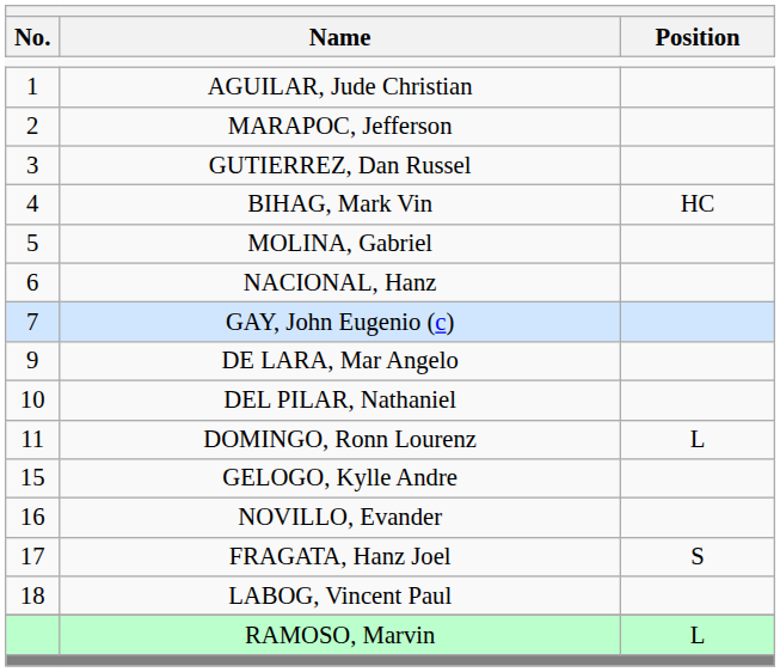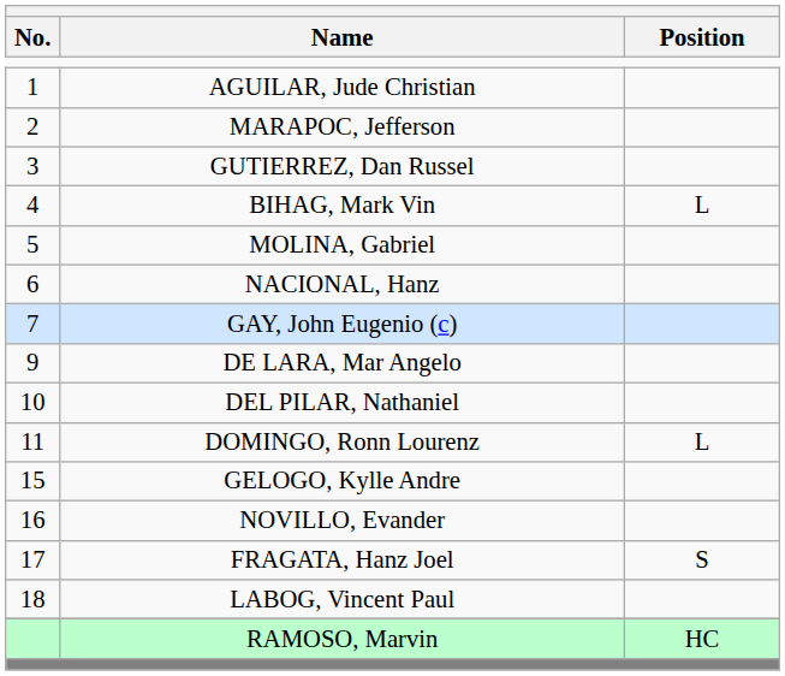 <table class='wikitable mw-collapsible mw-collapsed' style="text-align: center; width: 500px; border: none">
 <tr>
 <th style='text-align: left;' colspan=3></th>
 </tr>
 <tr>
 <th style='width: 7%;'>No.</th>
 <th>Name</th>
 <th style='width: 20%;'>Position</th>
 </tr>
 <tr>
 <td style='border: none;'></td>
 </tr>
 <tr>
 <td>1</td>
 <td>AGUILAR, Jude Christian</td>
 <td></td>
 </tr>
 <tr>
 <td>2</td>
 <td>MARAPOC, Jefferson</td>
 <td></td>
 </tr>
 <tr>
 <td>3</td>
 <td>GUTIERREZ, Dan Russel</td>
 <td></td>
 </tr>
 <tr>
 <td>4</td>
 <td>BIHAG, Mark Vin</td>
-<td>HC</td>
+<td>L</td>
 </tr>
 <tr>
 <td>5</td>
 <td>MOLINA, Gabriel</td>
 <td></td>
 </tr>
 <tr>
 <td>6</td>
 <td>NACIONAL, Hanz</td>
 <td></td>
 </tr>
 <tr bgcolor=#D0E6FF>
 <td>7</td>
 <td>GAY, John Eugenio (<a href='#'>c</a>)</td>
 <td></td>
 </tr>
 <tr>
 <td>9</td>
 <td>DE LARA, Mar Angelo</td>
 <td></td>
 </tr>
 <tr>
 <td>10</td>
 <td>DEL PILAR, Nathaniel</td>
 <td></td>
 </tr>
 <tr>
 <td>11</td>
 <td>DOMINGO, Ronn Lourenz</td>
 <td>L</td>
 </tr>
 <tr>
 <td>15</td>
 <td>GELOGO, Kylle Andre</td>
 <td></td>
 </tr>
 <tr>
 <td>16</td>
 <td>NOVILLO, Evander</td>
 <td></td>
 </tr>
 <tr>
 <td>17</td>
 <td>FRAGATA, Hanz Joel</td>
 <td>S</td>
 </tr>
 <tr>
 <td>18</td>
 <td>LABOG, Vincent Paul</td>
 <td></td>
 </tr>
 <tr>
 </tr>
 <tr bgcolor=#BBFFCC>
 <td></td>
 <td>RAMOSO, Marvin</td>
-<td>L</td>
+<td>HC</td>
 </tr>
 <tr>
 <th style='background: grey;' colspan=3></th>
 </tr>
 </table>
